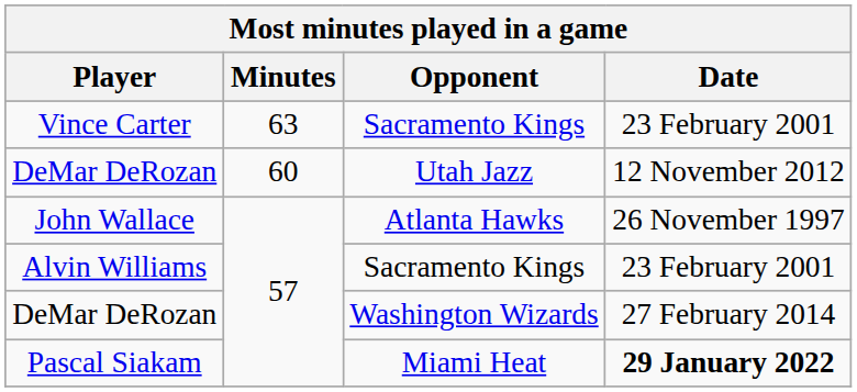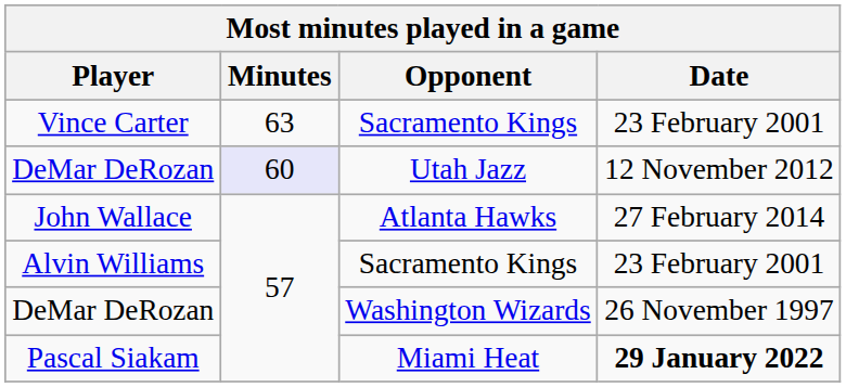 <table class="wikitable sortable" style="text-align:center">
 <tr>
 <th colspan="4">Most minutes played in a game</th>
 </tr>
 <tr>
 <th>Player</th>
 <th>Minutes</th>
 <th>Opponent</th>
 <th>Date</th>
 </tr>
 <tr>
 <td><a href='#'>Vince Carter</a></td>
 <td>63</td>
 <td><a href='#'>Sacramento Kings</a></td>
 <td>23 February 2001</td>
 </tr>
 <tr>
 <td><a href='#'>DeMar DeRozan</a></td>
-<td>60</td>
+<td style="background: lavender;">60</td>
 <td><a href='#'>Utah Jazz</a></td>
 <td>12 November 2012</td>
 </tr>
 <tr>
 <td><a href='#'>John Wallace</a></td>
 <td rowspan=4>57</td>
 <td><a href='#'>Atlanta Hawks</a></td>
-<td>26 November 1997</td>
+<td>27 February 2014</td>
 </tr>
 <tr>
 <td><a href='#'>Alvin Williams</a></td>
 <td>Sacramento Kings</td>
 <td>23 February 2001</td>
 </tr>
 <tr>
 <td>DeMar DeRozan</td>
 <td><a href='#'>Washington Wizards</a></td>
-<td>27 February 2014</td>
+<td>26 November 1997</td>
 </tr>
 <tr>
 <td><a href='#'>Pascal Siakam</a></td>
 <td><a href='#'>Miami Heat</a></td>
 <td><strong>29 January 2022</strong></td>
 </tr>
 </table>
